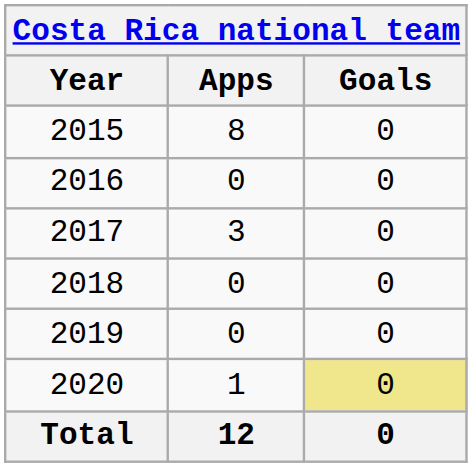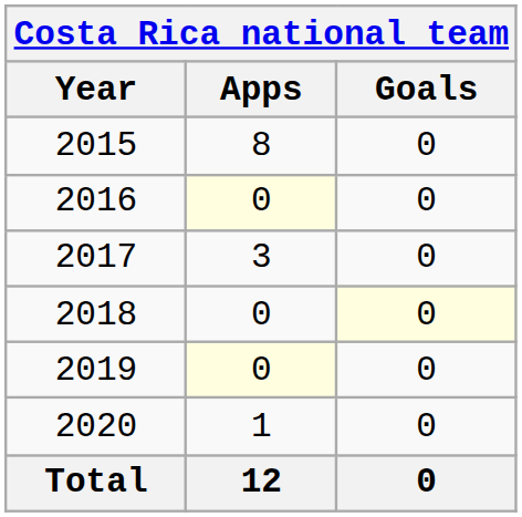 <table class="wikitable" style="text-align:center">
 <tr>
 <th colspan="3"><a href='#'>Costa Rica national team</a></th>
 </tr>
 <tr>
 <th>Year</th>
 <th>Apps</th>
 <th>Goals</th>
 </tr>
 <tr>
 <td>2015</td>
 <td>8</td>
 <td>0</td>
 </tr>
 <tr>
 <td>2016</td>
-<td>0</td>
+<td style="background: lightyellow;">0</td>
 <td>0</td>
 </tr>
 <tr>
 <td>2017</td>
 <td>3</td>
 <td>0</td>
 </tr>
 <tr>
 <td>2018</td>
 <td>0</td>
-<td>0</td>
+<td style="background: lightyellow;">0</td>
 </tr>
 <tr>
 <td>2019</td>
-<td>0</td>
+<td style="background: lightyellow;">0</td>
 <td>0</td>
 </tr>
 <tr>
 <td>2020</td>
 <td>1</td>
-<td style="background: khaki;">0</td>
+<td>0</td>
 </tr>
 <tr>
 <th>Total</th>
 <th>12</th>
 <th>0</th>
 </tr>
 </table>
